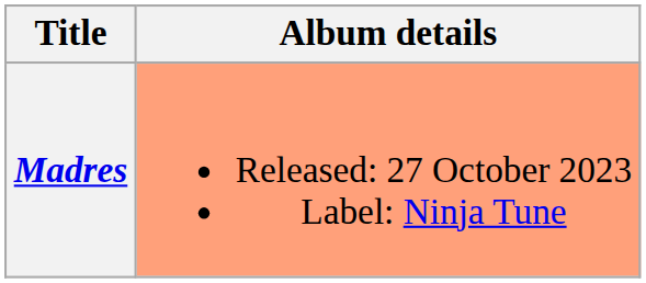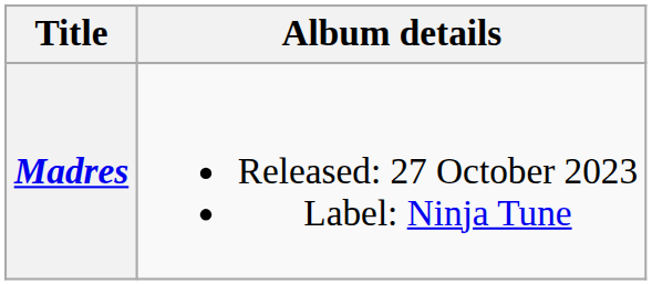 <table class="wikitable plainrowheaders" style="text-align:center;">
 <tr>
 <th scope="col">Title</th>
 <th scope="col">Album details</th>
 </tr>
 <tr>
 <th scope="row"><em><a href='#'>Madres</a></em></th>
-<td style="background: lightsalmon;"><br><ul><li>Released: 27 October 2023</li><li>Label: <a href='#'>Ninja Tune</a></li></ul></td>
+<td><br><ul><li>Released: 27 October 2023</li><li>Label: <a href='#'>Ninja Tune</a></li></ul></td>
 </tr>
 </table>
